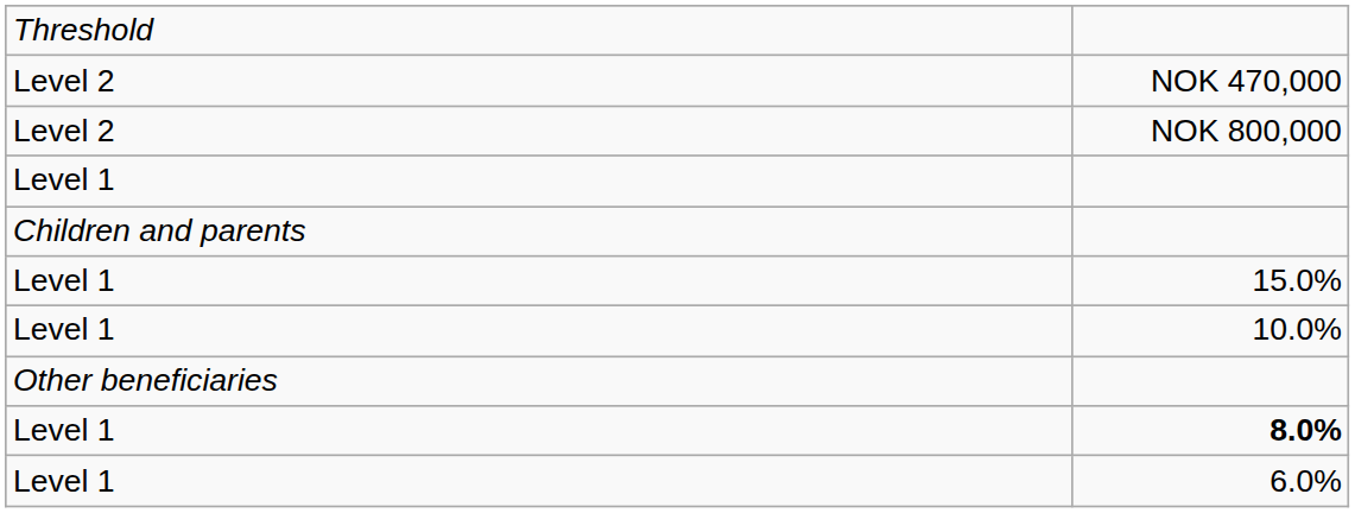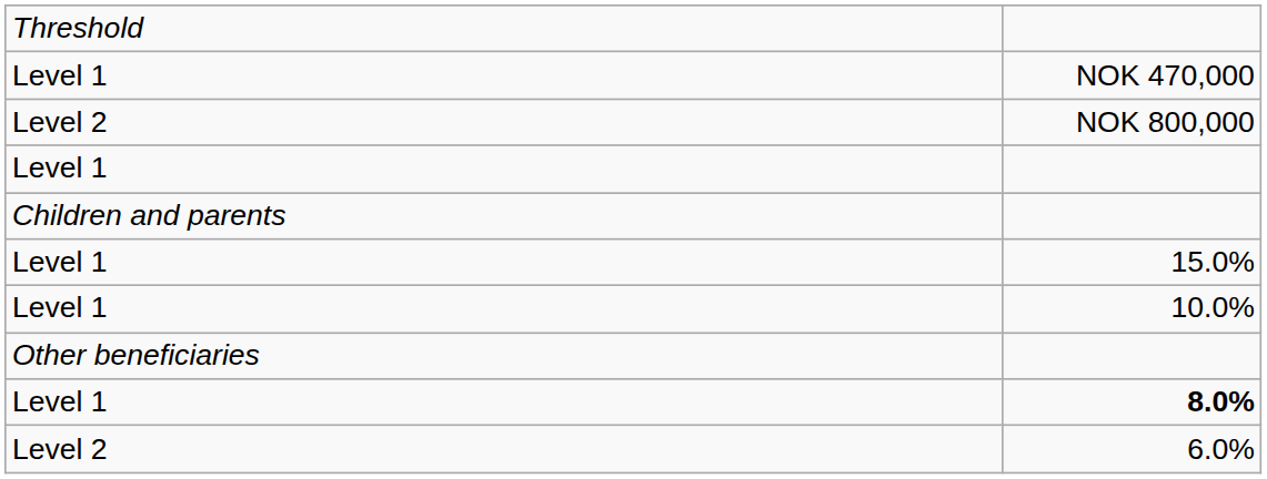 <table class="wikitable">
 <tr>
 <td style="width:400pt; text-align:left;"><em>Threshold</em></td>
 <td style="width:100pt; text-align:right;"></td>
 </tr>
 <tr>
-<td align=left>Level 2</td>
+<td align=left>Level 1</td>
 <td align=right>NOK 470,000</td>
 </tr>
 <tr>
 <td align=left>Level 2</td>
 <td align=right>NOK 800,000</td>
 </tr>
 <tr>
 <td align=left>Level 1</td>
 <td align=right></td>
 </tr>
 <tr>
 <td align=left><em>Children and parents</em></td>
 <td align=right></td>
 </tr>
 <tr>
 <td align=left>Level 1</td>
 <td align=right>15.0%</td>
 </tr>
 <tr>
 <td align=left>Level 1</td>
 <td align=right>10.0%</td>
 </tr>
 <tr>
 <td align=left><em>Other beneficiaries</em></td>
 <td align=right></td>
 </tr>
 <tr>
 <td align=left>Level 1</td>
 <td align=right><strong>8.0%</strong></td>
 </tr>
 <tr>
-<td align=left>Level 1</td>
+<td align=left>Level 2</td>
 <td align=right>6.0%</td>
 </tr>
 </table>
